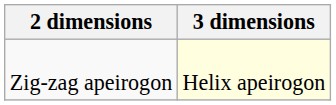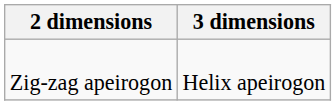 <table class=wikitable>
 <tr>
 <th>2 dimensions</th>
 <th>3 dimensions</th>
 </tr>
 <tr align=center>
 <td><br>Zig-zag apeirogon</td>
-<td style="background: lightyellow;"><br>Helix apeirogon</td>
+<td><br>Helix apeirogon</td>
 </tr>
 </table>
